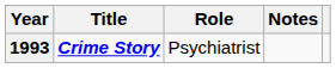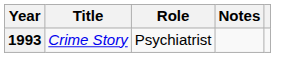 <table class="wikitable sortable plainrowheaders">
 <tr>
 <th scope="col">Year</th>
 <th scope="col">Title</th>
 <th scope="col">Role</th>
 <th scope="col" class="unsortable">Notes</th>
 <th scope="col" class="unsortable"></th>
 </tr>
 <tr>
 <th scope="row">1993</th>
-<td><strong><em><a href='#'>Crime Story</a></em></strong></td>
+<td><em><a href='#'>Crime Story</a></em></td>
 <td>Psychiatrist</td>
 <td></td>
 </tr>
 </table>
